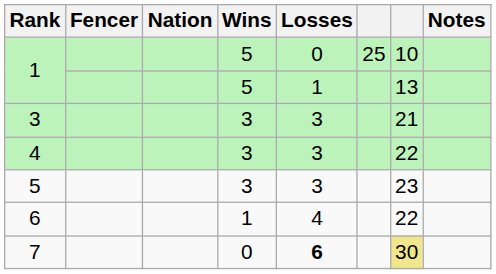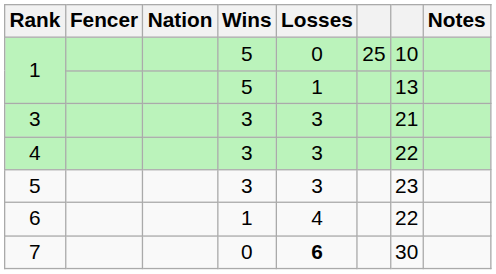 <table class="wikitable sortable" style="text-align: center;">
 <tr>
 <th>Rank</th>
 <th>Fencer</th>
 <th>Nation</th>
 <th>Wins</th>
 <th>Losses</th>
 <th></th>
 <th></th>
 <th>Notes</th>
 </tr>
 <tr style="background:#bbf3bb;">
 <td rowspan=2>1</td>
 <td align=left></td>
 <td align=left></td>
 <td>5</td>
 <td>0</td>
 <td>25</td>
 <td>10</td>
 <td></td>
 </tr>
 <tr style="background:#bbf3bb;">
 <td align=left></td>
 <td align=left></td>
 <td>5</td>
 <td>1</td>
 <td></td>
 <td>13</td>
 <td></td>
 </tr>
 <tr style="background:#bbf3bb;">
 <td>3</td>
 <td align=left></td>
 <td align=left></td>
 <td>3</td>
 <td>3</td>
 <td></td>
 <td>21</td>
 <td></td>
 </tr>
 <tr style="background:#bbf3bb;">
 <td>4</td>
 <td align=left></td>
 <td align=left></td>
 <td>3</td>
 <td>3</td>
 <td></td>
 <td>22</td>
 <td></td>
 </tr>
 <tr>
 <td>5</td>
 <td align=left></td>
 <td align=left></td>
 <td>3</td>
 <td>3</td>
 <td></td>
 <td>23</td>
 <td></td>
 </tr>
 <tr>
 <td>6</td>
 <td align=left></td>
 <td align=left></td>
 <td>1</td>
 <td>4</td>
 <td></td>
 <td>22</td>
 <td></td>
 </tr>
 <tr>
 <td>7</td>
 <td align=left></td>
 <td align=left></td>
 <td>0</td>
 <td><strong>6</strong></td>
 <td></td>
-<td style="background: khaki;">30</td>
+<td>30</td>
 <td></td>
 </tr>
 </table>
